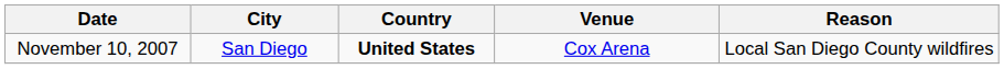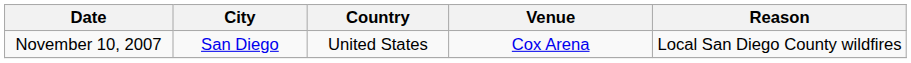 <table class="wikitable" style="text-align:center;">
 <tr>
 <th scope="col" style="width:12em;">Date</th>
 <th scope="col" style="width:10em;">City</th>
 <th scope="col" style="width:10em;">Country</th>
 <th scope="col" style="width:16em;">Venue</th>
 <th scope="col" style="width:20em;">Reason</th>
 </tr>
 <tr>
 <td>November 10, 2007</td>
 <td><a href='#'>San Diego</a></td>
-<td><strong>United States</strong></td>
+<td>United States</td>
 <td><a href='#'>Cox Arena</a></td>
 <td>Local San Diego County wildfires</td>
 </tr>
 <tr>
 </tr>
 </table>
